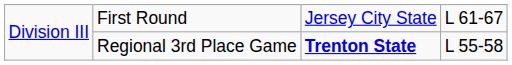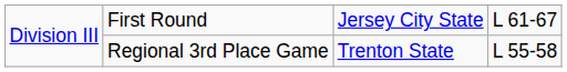 <table class="wikitable">
 <tr>
 <td rowspan="2"><a href='#'>Division III</a></td>
 <td>First Round</td>
 <td><a href='#'>Jersey City State</a></td>
 <td>L 61-67</td>
 </tr>
 <tr>
 <td>Regional 3rd Place Game</td>
-<td><strong><a href='#'>Trenton State</a></strong></td>
+<td><a href='#'>Trenton State</a></td>
 <td>L 55-58</td>
 </tr>
 </table>
